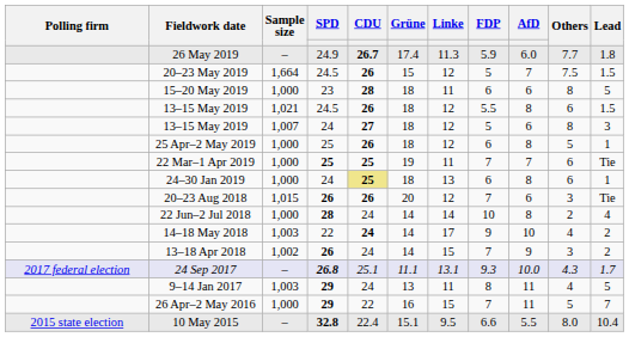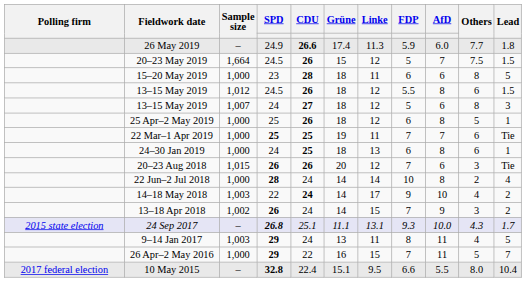 <table class="wikitable sortable" style="text-align:center;font-size:90%;line-height:14px;">
 <tr style="height:40px;">
 <th style="width:160px;" rowspan="2">Polling firm</th>
 <th style="width:125px;" rowspan="2">Fieldwork date</th>
 <th style="width:35px;" rowspan="2">Sample<br>size</th>
 <th class="unsortable" style="width:40px;"><a href='#'>SPD</a></th>
 <th class="unsortable" style="width:40px;"><a href='#'>CDU</a></th>
 <th class="unsortable" style="width:40px;"><a href='#'>Grüne</a></th>
 <th class="unsortable" style="width:40px;"><a href='#'>Linke</a></th>
 <th class="unsortable" style="width:40px;"><a href='#'>FDP</a></th>
 <th class="unsortable" style="width:40px;"><a href='#'>AfD</a></th>
 <th class="unsortable" style="width:40px;" rowspan="2">Others</th>
 <th style="width:30px;" rowspan="2">Lead</th>
 </tr>
 <tr>
 <th style="background:"></th>
 <th style="background:"></th>
 <th style="background:"></th>
 <th style="background:"></th>
 <th style="background:"></th>
 <th style="background:"></th>
 </tr>
 <tr style="background:#E9E9E9;">
 <td></td>
 <td data-sort-value="2019-05-26">26 May 2019</td>
 <td>–</td>
 <td>24.9</td>
-<td><strong>26.7</strong></td>
+<td><strong>26.6</strong></td>
 <td>17.4</td>
 <td>11.3</td>
 <td>5.9</td>
 <td>6.0</td>
 <td>7.7</td>
 <td style="background:">1.8</td>
 </tr>
 <tr>
 <td></td>
 <td data-sort-value="2019-05-23">20–23 May 2019</td>
 <td>1,664</td>
 <td>24.5</td>
 <td><strong>26</strong></td>
 <td>15</td>
 <td>12</td>
 <td>5</td>
 <td>7</td>
 <td>7.5</td>
 <td style="background:">1.5</td>
 </tr>
 <tr>
 <td></td>
 <td data-sort-value="2019-05-20">15–20 May 2019</td>
 <td>1,000</td>
 <td>23</td>
 <td><strong>28</strong></td>
 <td>18</td>
 <td>11</td>
 <td>6</td>
 <td>6</td>
 <td>8</td>
 <td style="background:">5</td>
 </tr>
 <tr>
 <td></td>
 <td data-sort-value="2019-05-15">13–15 May 2019</td>
-<td>1,021</td>
+<td>1,012</td>
 <td>24.5</td>
 <td><strong>26</strong></td>
 <td>18</td>
 <td>12</td>
 <td>5.5</td>
 <td>8</td>
 <td>6</td>
 <td style="background:">1.5</td>
 </tr>
 <tr>
 <td></td>
 <td data-sort-value="2019-05-15">13–15 May 2019</td>
 <td>1,007</td>
 <td>24</td>
 <td><strong>27</strong></td>
 <td>18</td>
 <td>12</td>
 <td>5</td>
 <td>6</td>
 <td>8</td>
 <td style="background:">3</td>
 </tr>
 <tr>
 <td></td>
 <td data-sort-value="2019-05-02">25 Apr–2 May 2019</td>
 <td>1,000</td>
 <td>25</td>
 <td><strong>26</strong></td>
 <td>18</td>
 <td>12</td>
 <td>6</td>
 <td>8</td>
 <td>5</td>
 <td style="background:">1</td>
 </tr>
 <tr>
 <td></td>
 <td data-sort-value="2019-04-01">22 Mar–1 Apr 2019</td>
 <td>1,000</td>
 <td><strong>25</strong></td>
 <td><strong>25</strong></td>
 <td>19</td>
 <td>11</td>
 <td>7</td>
 <td>7</td>
 <td>6</td>
 <td data-sort-value="0">Tie</td>
 </tr>
 <tr>
 <td></td>
 <td data-sort-value="2019-01-30">24–30 Jan 2019</td>
 <td>1,000</td>
 <td>24</td>
-<td style="background: khaki;"><strong>25</strong></td>
+<td><strong>25</strong></td>
 <td>18</td>
 <td>13</td>
 <td>6</td>
 <td>8</td>
 <td>6</td>
 <td style="background:">1</td>
 </tr>
 <tr>
 <td></td>
 <td data-sort-value="2018-08-23">20–23 Aug 2018</td>
 <td>1,015</td>
 <td><strong>26</strong></td>
 <td><strong>26</strong></td>
 <td>20</td>
 <td>12</td>
 <td>7</td>
 <td>6</td>
 <td>3</td>
 <td data-sort-value="0">Tie</td>
 </tr>
 <tr>
 <td></td>
 <td data-sort-value="2018-07-02">22 Jun–2 Jul 2018</td>
 <td>1,000</td>
 <td><strong>28</strong></td>
 <td>24</td>
 <td>14</td>
 <td>14</td>
 <td>10</td>
 <td>8</td>
 <td>2</td>
 <td style="background:">4</td>
 </tr>
 <tr>
 <td></td>
 <td data-sort-value="2018-05-18">14–18 May 2018</td>
 <td>1,003</td>
 <td>22</td>
 <td><strong>24</strong></td>
 <td>14</td>
 <td>17</td>
 <td>9</td>
 <td>10</td>
 <td>4</td>
 <td style="background:">2</td>
 </tr>
 <tr>
 <td></td>
 <td data-sort-value="2018-04-18">13–18 Apr 2018</td>
 <td>1,002</td>
 <td><strong>26</strong></td>
 <td>24</td>
 <td>14</td>
 <td>15</td>
 <td>7</td>
 <td>9</td>
 <td>3</td>
 <td style="background:">2</td>
 </tr>
 <tr style="background:#E5E5F5;font-style:italic;">
-<td><a href='#'>2017 federal election</a></td>
+<td><a href='#'>2015 state election</a></td>
 <td data-sort-value="2017-09-24">24 Sep 2017</td>
 <td>–</td>
 <td><strong>26.8</strong></td>
 <td>25.1</td>
 <td>11.1</td>
 <td>13.1</td>
 <td>9.3</td>
 <td>10.0</td>
 <td>4.3</td>
 <td style="background:">1.7</td>
 </tr>
 <tr>
 <td></td>
 <td data-sort-value="2017-01-14">9–14 Jan 2017</td>
 <td>1,003</td>
 <td><strong>29</strong></td>
 <td>24</td>
 <td>13</td>
 <td>11</td>
 <td>8</td>
 <td>11</td>
 <td>4</td>
 <td style="background:">5</td>
 </tr>
 <tr>
 <td></td>
 <td data-sort-value="2016-05-02">26 Apr–2 May 2016</td>
 <td>1,000</td>
 <td><strong>29</strong></td>
 <td>22</td>
 <td>16</td>
 <td>15</td>
 <td>7</td>
 <td>11</td>
 <td>5</td>
 <td style="background:">7</td>
 </tr>
 <tr style="background:#E9E9E9;">
-<td><a href='#'>2015 state election</a></td>
+<td><a href='#'>2017 federal election</a></td>
 <td data-sort-value="2015-05-10">10 May 2015</td>
 <td>–</td>
 <td><strong>32.8</strong></td>
 <td>22.4</td>
 <td>15.1</td>
 <td>9.5</td>
 <td>6.6</td>
 <td>5.5</td>
 <td>8.0</td>
 <td style="background:">10.4</td>
 </tr>
 </table>
